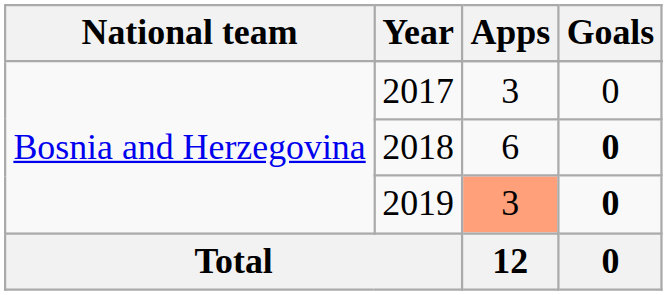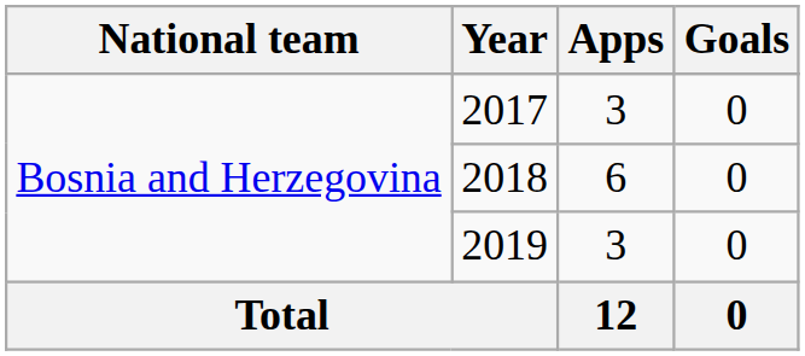 <table class="wikitable" style="text-align:center">
 <tr>
 <th>National team</th>
 <th>Year</th>
 <th>Apps</th>
 <th>Goals</th>
 </tr>
 <tr>
 <td rowspan=4><a href='#'>Bosnia and Herzegovina</a></td>
 </tr>
 <tr>
 <td>2017</td>
 <td>3</td>
 <td>0</td>
 </tr>
 <tr>
 <td>2018</td>
 <td>6</td>
-<td><strong>0</strong></td>
+<td>0</td>
 </tr>
 <tr>
 <td>2019</td>
-<td style="background: lightsalmon;">3</td>
-<td><strong>0</strong></td>
+<td>3</td>
+<td>0</td>
 </tr>
 <tr>
 <th colspan=2>Total</th>
 <th>12</th>
 <th>0</th>
 </tr>
 </table>
